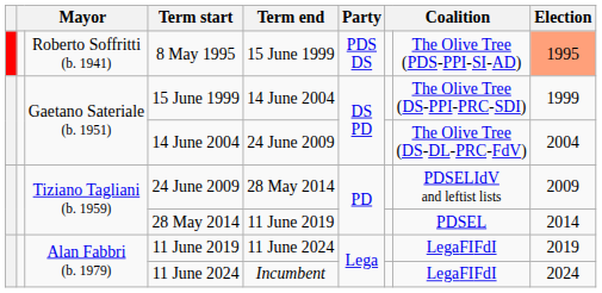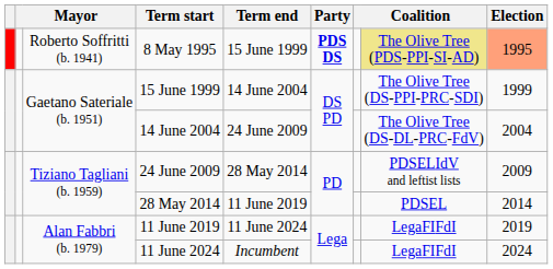 <table class="wikitable" style="text-align: center;">
 <tr>
 <th class=unsortable> </th>
 <th colspan=2>Mayor</th>
 <th>Term start</th>
 <th>Term end</th>
 <th>Party</th>
 <th colspan="2">Coalition</th>
 <th>Election</th>
 </tr>
 <tr>
 <th style="background:red;"></th>
 <td></td>
 <td>Roberto Soffritti <br><small>(b. 1941)</small></td>
 <td>8 May 1995</td>
 <td>15 June 1999</td>
-<td><a href='#'>PDS</a><br><a href='#'>DS</a></td>
+<td><strong><a href='#'>PDS</a><br><a href='#'>DS</a></strong></td>
 <td style="background: "></td>
-<td><a href='#'>The Olive Tree</a><br>(<a href='#'>PDS</a>-<a href='#'>PPI</a>-<a href='#'>SI</a>-<a href='#'>AD</a>)</td>
+<td style="background: khaki;"><a href='#'>The Olive Tree</a><br>(<a href='#'>PDS</a>-<a href='#'>PPI</a>-<a href='#'>SI</a>-<a href='#'>AD</a>)</td>
 <td style="background: lightsalmon;">1995</td>
 </tr>
 <tr>
 <th rowspan=2 style="background:"></th>
 <td rowspan=2></td>
 <td rowspan=2>Gaetano Sateriale <br><small>(b. 1951)</small></td>
 <td>15 June 1999</td>
 <td>14 June 2004</td>
 <td rowspan=2><a href='#'>DS</a><br><a href='#'>PD</a></td>
 <td style="background: "></td>
 <td><a href='#'>The Olive Tree</a><br>(<a href='#'>DS</a>-<a href='#'>PPI</a>-<a href='#'>PRC</a>-<a href='#'>SDI</a>)</td>
 <td>1999</td>
 </tr>
 <tr>
 <td>14 June 2004</td>
 <td>24 June 2009</td>
 <td style="background: "></td>
 <td><a href='#'>The Olive Tree</a><br>(<a href='#'>DS</a>-<a href='#'>DL</a>-<a href='#'>PRC</a>-<a href='#'>FdV</a>)</td>
 <td>2004</td>
 </tr>
 <tr>
 <th rowspan=2 style="background:"></th>
 <td rowspan=2></td>
 <td rowspan=2><a href='#'>Tiziano Tagliani</a> <br><small>(b. 1959)</small></td>
 <td>24 June 2009</td>
 <td>28 May 2014</td>
 <td rowspan=2><a href='#'>PD</a></td>
 <td style="background: "></td>
 <td><a href='#'>PD</a><a href='#'>SEL</a><a href='#'>IdV</a><br><small>and leftist lists</small></td>
 <td>2009</td>
 </tr>
 <tr>
 <td>28 May 2014</td>
 <td>11 June 2019</td>
 <td style="background: "></td>
 <td><a href='#'>PD</a><a href='#'>SEL</a></td>
 <td>2014</td>
 </tr>
 <tr>
 <th rowspan=2 style="background:"></th>
 <td rowspan=2></td>
 <td rowspan=2><a href='#'>Alan Fabbri</a> <br><small>(b. 1979)</small></td>
 <td>11 June 2019</td>
 <td>11 June 2024</td>
 <td rowspan=2><a href='#'>Lega</a></td>
 <td style="background: "></td>
 <td><a href='#'>Lega</a><a href='#'>FI</a><a href='#'>FdI</a></td>
 <td>2019</td>
 </tr>
 <tr>
 <td>11 June 2024</td>
 <td><em>Incumbent</em></td>
 <td style="background: "></td>
 <td><a href='#'>Lega</a><a href='#'>FI</a><a href='#'>FdI</a></td>
 <td>2024</td>
 </tr>
 </table>
